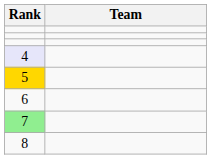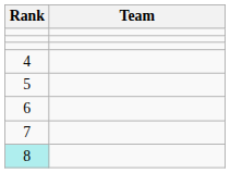 <table class="wikitable" style="text-align: center;">
 <tr>
 <th width=40>Rank</th>
 <th width=180>Team</th>
 </tr>
 <tr>
 <td></td>
 <td align=left></td>
 </tr>
 <tr>
 <td></td>
 <td align=left></td>
 </tr>
 <tr>
 <td></td>
 <td align=left></td>
 </tr>
 <tr>
-<td style="background: lavender;">4</td>
+<td>4</td>
 <td align=left></td>
 </tr>
 <tr>
-<td style="background: gold;">5</td>
+<td>5</td>
 <td align=left></td>
 </tr>
 <tr>
 <td>6</td>
 <td align=left></td>
 </tr>
 <tr>
-<td style="background: lightgreen;">7</td>
+<td>7</td>
 <td align=left></td>
 </tr>
 <tr>
-<td>8</td>
+<td style="background: paleturquoise;">8</td>
 <td align=left></td>
 </tr>
 </table>
